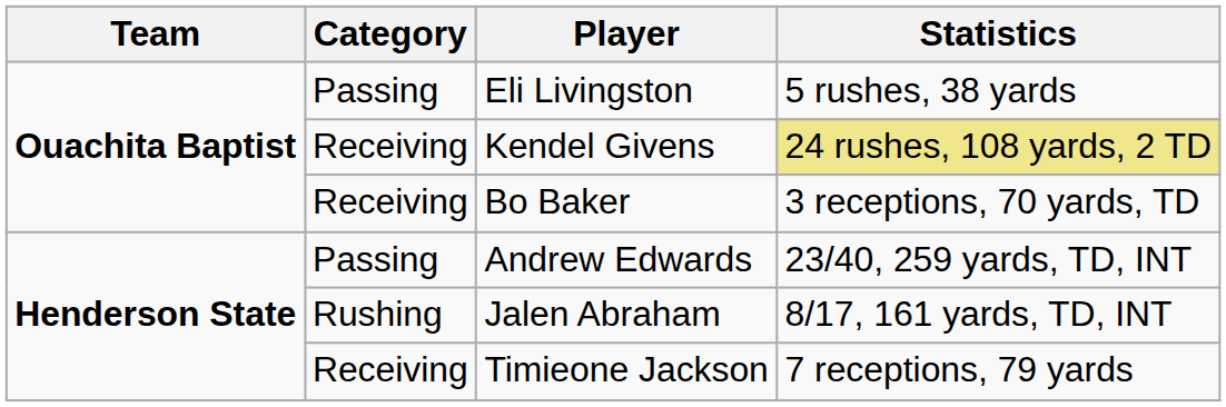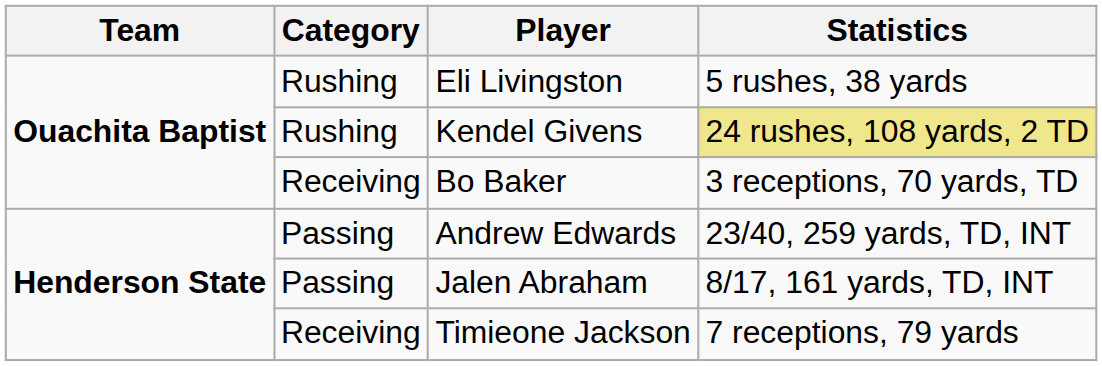 <table class="wikitable" style="float: right;">
 <tr>
 <th>Team</th>
 <th>Category</th>
 <th>Player</th>
 <th>Statistics</th>
 </tr>
 <tr>
 <td rowspan=3><strong>Ouachita Baptist</strong></td>
-<td>Passing</td>
+<td>Rushing</td>
 <td>Eli Livingston</td>
 <td>5 rushes, 38 yards</td>
 </tr>
 <tr>
-<td>Receiving</td>
+<td>Rushing</td>
 <td>Kendel Givens</td>
 <td style="background: khaki;">24 rushes, 108 yards, 2 TD</td>
 </tr>
 <tr>
 <td>Receiving</td>
 <td>Bo Baker</td>
 <td>3 receptions, 70 yards, TD</td>
 </tr>
 <tr>
 <td rowspan=3><strong>Henderson State</strong></td>
 <td>Passing</td>
 <td>Andrew Edwards</td>
 <td>23/40, 259 yards, TD, INT</td>
 </tr>
 <tr>
-<td>Rushing</td>
+<td>Passing</td>
 <td>Jalen Abraham</td>
 <td>8/17, 161 yards, TD, INT</td>
 </tr>
 <tr>
 <td>Receiving</td>
 <td>Timieone Jackson</td>
 <td>7 receptions, 79 yards</td>
 </tr>
 </table>
